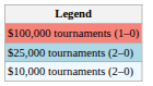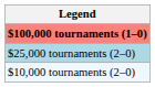 <table class="wikitable" style="font-size:85%">
 <tr>
 <th>Legend</th>
 </tr>
 <tr bgcolor=f88379>
-<td>$100,000 tournaments (1–0)</td>
+<td><strong>$100,000 tournaments (1–0)</strong></td>
 </tr>
 <tr bgcolor=lightblue>
 <td>$25,000 tournaments (2–0)</td>
 </tr>
 <tr bgcolor=f0f8ff>
 <td>$10,000 tournaments (2–0)</td>
 </tr>
 </table>
